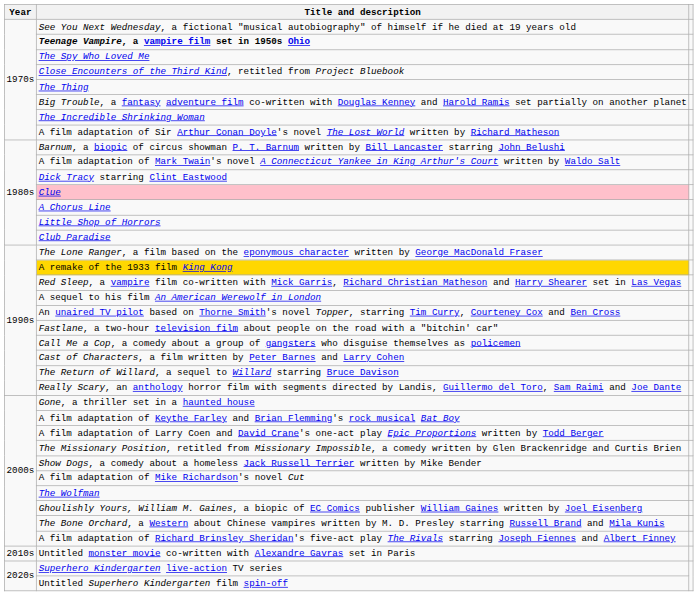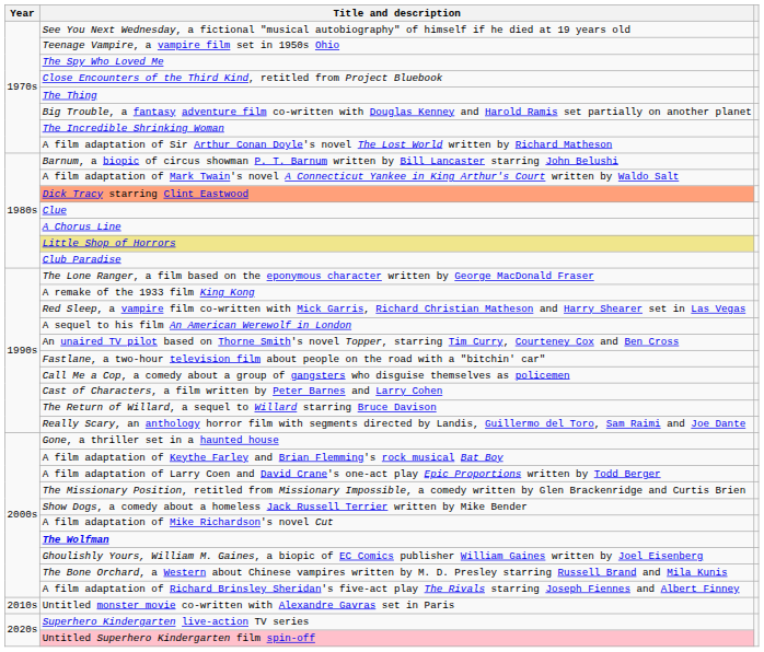 <table class="wikitable plainrowheaders">
 <tr>
 <th scope="col">Year</th>
 <th scope="col">Title and description</th>
 <th scope="col"></th>
 </tr>
 <tr>
 <td rowspan=8>1970s</td>
 <td><em>See You Next Wednesday</em>, a fictional "musical autobiography" of himself if he died at 19 years old</td>
 <td></td>
 </tr>
 <tr>
-<td><strong><em>Teenage Vampire</em>, a <a href='#'>vampire film</a> set in 1950s <a href='#'>Ohio</a></strong></td>
+<td><em>Teenage Vampire</em>, a <a href='#'>vampire film</a> set in 1950s <a href='#'>Ohio</a></td>
 <td></td>
 </tr>
 <tr>
 <td><em><a href='#'>The Spy Who Loved Me</a></em></td>
 <td></td>
 </tr>
 <tr>
 <td><em><a href='#'>Close Encounters of the Third Kind</a></em>, retitled from <em>Project Bluebook</em></td>
 <td></td>
 </tr>
 <tr>
 <td><em><a href='#'>The Thing</a></em></td>
 <td></td>
 </tr>
 <tr>
 <td><em>Big Trouble</em>, a <a href='#'>fantasy</a> <a href='#'>adventure film</a> co-written with <a href='#'>Douglas Kenney</a> and <a href='#'>Harold Ramis</a> set partially on another planet</td>
 <td></td>
 </tr>
 <tr>
 <td><em><a href='#'>The Incredible Shrinking Woman</a></em></td>
 <td></td>
 </tr>
 <tr>
 <td>A film adaptation of Sir <a href='#'>Arthur Conan Doyle</a>'s novel <em><a href='#'>The Lost World</a></em> written by <a href='#'>Richard Matheson</a></td>
 <td></td>
 </tr>
 <tr>
 <td rowspan=7>1980s</td>
 <td><em>Barnum</em>, a <a href='#'>biopic</a> of circus showman <a href='#'>P. T. Barnum</a> written by <a href='#'>Bill Lancaster</a> starring <a href='#'>John Belushi</a></td>
 <td></td>
 </tr>
 <tr>
 <td>A film adaptation of <a href='#'>Mark Twain</a>'s novel <em><a href='#'>A Connecticut Yankee in King Arthur's Court</a></em> written by <a href='#'>Waldo Salt</a></td>
 <td></td>
 </tr>
 <tr>
-<td><em><a href='#'>Dick Tracy</a></em> starring <a href='#'>Clint Eastwood</a></td>
+<td style="background: lightsalmon;"><em><a href='#'>Dick Tracy</a></em> starring <a href='#'>Clint Eastwood</a></td>
 <td></td>
 </tr>
 <tr>
-<td style="background: pink;"><em><a href='#'>Clue</a></em></td>
+<td><em><a href='#'>Clue</a></em></td>
 <td></td>
 </tr>
 <tr>
 <td><em><a href='#'>A Chorus Line</a></em></td>
 <td></td>
 </tr>
 <tr>
-<td><em><a href='#'>Little Shop of Horrors</a></em></td>
+<td style="background: khaki;"><em><a href='#'>Little Shop of Horrors</a></em></td>
 <td></td>
 </tr>
 <tr>
 <td><em><a href='#'>Club Paradise</a></em></td>
 <td></td>
 </tr>
 <tr>
 <td rowspan=10>1990s</td>
 <td><em>The Lone Ranger</em>, a film based on the <a href='#'>eponymous character</a> written by <a href='#'>George MacDonald Fraser</a></td>
 <td></td>
 </tr>
 <tr>
-<td style="background: gold;">A remake of the 1933 film <em><a href='#'>King Kong</a></em></td>
+<td>A remake of the 1933 film <em><a href='#'>King Kong</a></em></td>
 <td></td>
 </tr>
 <tr>
 <td><em>Red Sleep</em>, a <a href='#'>vampire</a> film co-written with <a href='#'>Mick Garris</a>, <a href='#'>Richard Christian Matheson</a> and <a href='#'>Harry Shearer</a> set in <a href='#'>Las Vegas</a></td>
 <td></td>
 </tr>
 <tr>
 <td>A sequel to his film <em><a href='#'>An American Werewolf in London</a></em></td>
 <td></td>
 </tr>
 <tr>
 <td>An <a href='#'>unaired TV pilot</a> based on <a href='#'>Thorne Smith</a>'s novel <em>Topper</em>, starring <a href='#'>Tim Curry</a>, <a href='#'>Courteney Cox</a> and <a href='#'>Ben Cross</a></td>
 <td></td>
 </tr>
 <tr>
 <td><em>Fastlane</em>, a two-hour <a href='#'>television film</a> about people on the road with a "bitchin' car"</td>
 <td></td>
 </tr>
 <tr>
 <td><em>Call Me a Cop</em>, a comedy about a group of <a href='#'>gangsters</a> who disguise themselves as <a href='#'>policemen</a></td>
 <td></td>
 </tr>
 <tr>
 <td><em>Cast of Characters</em>, a film written by <a href='#'>Peter Barnes</a> and <a href='#'>Larry Cohen</a></td>
 <td></td>
 </tr>
 <tr>
 <td><em>The Return of Willard</em>, a sequel to <em><a href='#'>Willard</a></em> starring <a href='#'>Bruce Davison</a></td>
 <td></td>
 </tr>
 <tr>
 <td><em>Really Scary</em>, an <a href='#'>anthology</a> horror film with segments directed by Landis, <a href='#'>Guillermo del Toro</a>, <a href='#'>Sam Raimi</a> and <a href='#'>Joe Dante</a></td>
 <td></td>
 </tr>
 <tr>
 <td rowspan=10>2000s</td>
 <td><em>Gone</em>, a thriller set in a <a href='#'>haunted house</a></td>
 <td></td>
 </tr>
 <tr>
 <td>A film adaptation of <a href='#'>Keythe Farley</a> and <a href='#'>Brian Flemming</a>'s <a href='#'>rock musical</a> <em><a href='#'>Bat Boy</a></em></td>
 <td></td>
 </tr>
 <tr>
 <td>A film adaptation of Larry Coen and <a href='#'>David Crane</a>'s one-act play <em><a href='#'>Epic Proportions</a></em> written by <a href='#'>Todd Berger</a></td>
 <td></td>
 </tr>
 <tr>
 <td><em>The Missionary Position</em>, retitled from <em>Missionary Impossible</em>, a comedy written by Glen Brackenridge and Curtis Brien</td>
 <td></td>
 </tr>
 <tr>
 <td><em>Show Dogs</em>, a comedy about a homeless <a href='#'>Jack Russell Terrier</a> written by Mike Bender</td>
 <td></td>
 </tr>
 <tr>
 <td>A film adaptation of <a href='#'>Mike Richardson</a>'s novel <em>Cut</em></td>
 <td></td>
 </tr>
 <tr>
-<td><em><a href='#'>The Wolfman</a></em></td>
+<td><strong><em><a href='#'>The Wolfman</a></em></strong></td>
 <td></td>
 </tr>
 <tr>
 <td><em>Ghoulishly Yours, William M. Gaines</em>, a biopic of <a href='#'>EC Comics</a> publisher <a href='#'>William Gaines</a> written by <a href='#'>Joel Eisenberg</a></td>
 <td></td>
 </tr>
 <tr>
 <td><em>The Bone Orchard</em>, a <a href='#'>Western</a> about Chinese vampires written by M. D. Presley starring <a href='#'>Russell Brand</a> and <a href='#'>Mila Kunis</a></td>
 <td></td>
 </tr>
 <tr>
 <td>A film adaptation of <a href='#'>Richard Brinsley Sheridan</a>'s five-act play <em><a href='#'>The Rivals</a></em> starring <a href='#'>Joseph Fiennes</a> and <a href='#'>Albert Finney</a></td>
 <td></td>
 </tr>
 <tr>
 <td>2010s</td>
 <td>Untitled <a href='#'>monster movie</a> co-written with <a href='#'>Alexandre Gavras</a> set in Paris</td>
 <td></td>
 </tr>
 <tr>
 <td rowspan=2>2020s</td>
 <td><em><a href='#'>Superhero Kindergarten</a></em> <a href='#'>live-action</a> TV series</td>
 <td rowspan=2></td>
 </tr>
 <tr>
-<td>Untitled <em>Superhero Kindergarten</em> film <a href='#'>spin-off</a></td>
+<td style="background: pink;">Untitled <em>Superhero Kindergarten</em> film <a href='#'>spin-off</a></td>
 </tr>
 </table>
